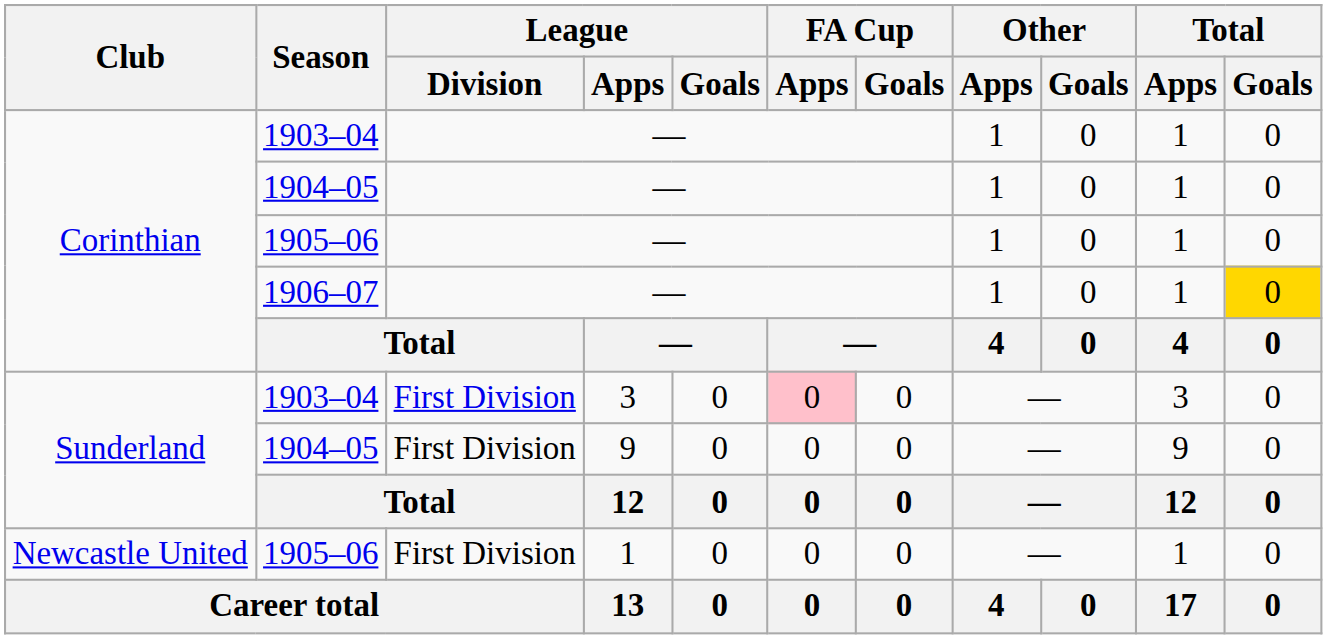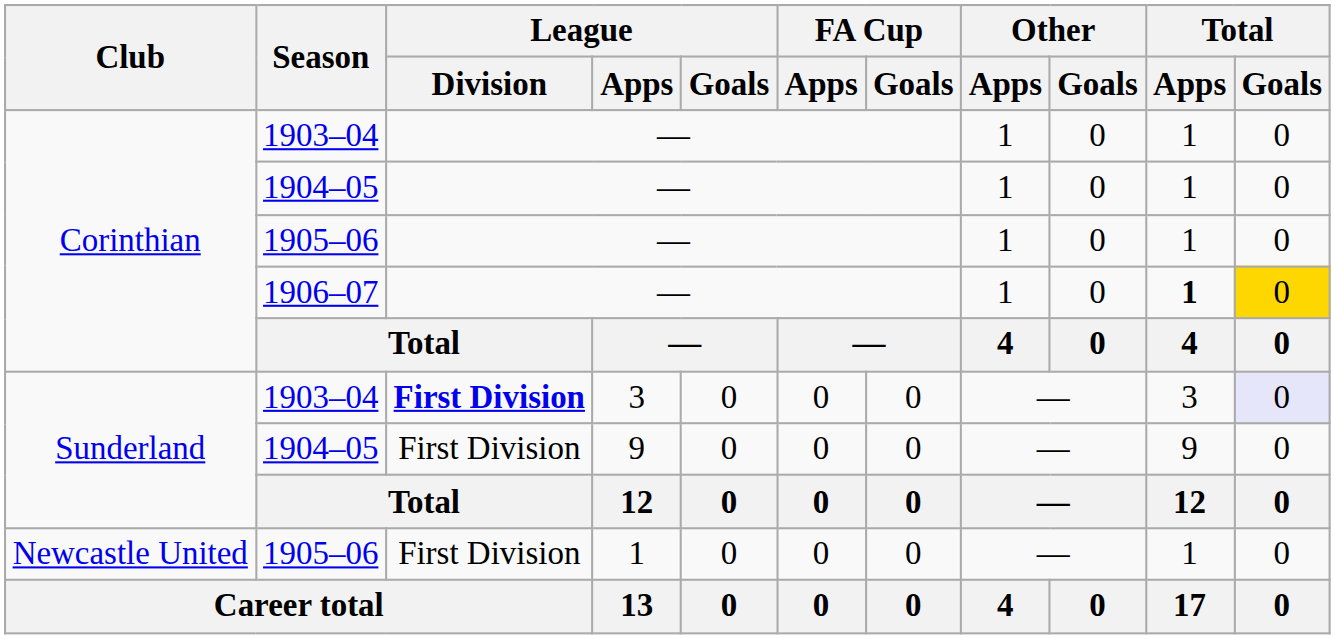 <table class="wikitable" style="text-align: center;">
 <tr>
 <th rowspan="2">Club</th>
 <th rowspan="2">Season</th>
 <th colspan="3">League</th>
 <th colspan="2">FA Cup</th>
 <th colspan="2">Other</th>
 <th colspan="2">Total</th>
 </tr>
 <tr>
 <th>Division</th>
 <th>Apps</th>
 <th>Goals</th>
 <th>Apps</th>
 <th>Goals</th>
 <th>Apps</th>
 <th>Goals</th>
 <th>Apps</th>
 <th>Goals</th>
 </tr>
 <tr>
 <td rowspan="5"><a href='#'>Corinthian</a></td>
 <td><a href='#'>1903–04</a></td>
 <td colspan="5">—</td>
 <td>1</td>
 <td>0</td>
 <td>1</td>
 <td>0</td>
 </tr>
 <tr>
 <td><a href='#'>1904–05</a></td>
 <td colspan="5">—</td>
 <td>1</td>
 <td>0</td>
 <td>1</td>
 <td>0</td>
 </tr>
 <tr>
 <td><a href='#'>1905–06</a></td>
 <td colspan="5">—</td>
 <td>1</td>
 <td>0</td>
 <td>1</td>
 <td>0</td>
 </tr>
 <tr>
 <td><a href='#'>1906–07</a></td>
 <td colspan="5">—</td>
 <td>1</td>
 <td>0</td>
-<td>1</td>
+<td><strong>1</strong></td>
 <td style="background: gold;">0</td>
 </tr>
 <tr>
 <th colspan="2">Total</th>
 <th colspan="2">—</th>
 <th colspan="2">—</th>
 <th>4</th>
 <th>0</th>
 <th>4</th>
 <th>0</th>
 </tr>
 <tr>
 <td rowspan="3"><a href='#'>Sunderland</a></td>
 <td><a href='#'>1903–04</a></td>
-<td><a href='#'>First Division</a></td>
+<td><strong><a href='#'>First Division</a></strong></td>
 <td>3</td>
 <td>0</td>
-<td style="background: pink;">0</td>
+<td>0</td>
 <td>0</td>
 <td colspan="2">—</td>
 <td>3</td>
-<td>0</td>
+<td style="background: lavender;">0</td>
 </tr>
 <tr>
 <td><a href='#'>1904–05</a></td>
 <td>First Division</td>
 <td>9</td>
 <td>0</td>
 <td>0</td>
 <td>0</td>
 <td colspan="2">—</td>
 <td>9</td>
 <td>0</td>
 </tr>
 <tr>
 <th colspan="2">Total</th>
 <th>12</th>
 <th>0</th>
 <th>0</th>
 <th>0</th>
 <th colspan="2">—</th>
 <th>12</th>
 <th>0</th>
 </tr>
 <tr>
 <td><a href='#'>Newcastle United</a></td>
 <td><a href='#'>1905–06</a></td>
 <td>First Division</td>
 <td>1</td>
 <td>0</td>
 <td>0</td>
 <td>0</td>
 <td colspan="2">—</td>
 <td>1</td>
 <td>0</td>
 </tr>
 <tr>
 <th colspan="3">Career total</th>
 <th>13</th>
 <th>0</th>
 <th>0</th>
 <th>0</th>
 <th>4</th>
 <th>0</th>
 <th>17</th>
 <th>0</th>
 </tr>
 </table>
